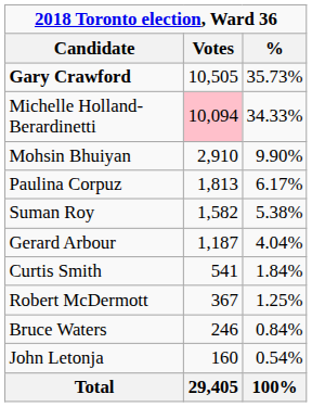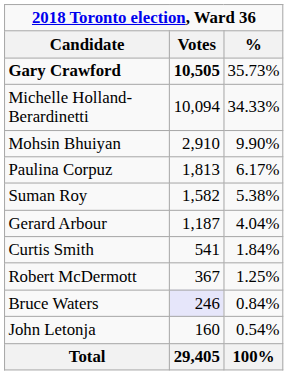 <table class="wikitable" style="margin-bottom:0;">
 <tr>
 <td Colspan="3" align="center"><strong><a href='#'>2018 Toronto election</a>, Ward 36</strong></td>
 </tr>
 <tr>
 <th bgcolor="#DDDDFF" width="150px">Candidate</th>
 <th bgcolor="#DDDDFF">Votes</th>
 <th bgcolor="#DDDDFF">%</th>
 </tr>
 <tr>
 <td><strong>Gary Crawford </strong></td>
-<td align=right>10,505</td>
+<td align=right><strong>10,505</strong></td>
 <td align=right>35.73%</td>
 </tr>
 <tr>
 <td>Michelle Holland-Berardinetti</td>
-<td align=right style="background: pink;">10,094</td>
+<td align=right>10,094</td>
 <td align=right>34.33%</td>
 </tr>
 <tr>
 <td>Mohsin Bhuiyan</td>
 <td align=right>2,910</td>
 <td align=right>9.90%</td>
 </tr>
 <tr>
 <td>Paulina Corpuz</td>
 <td align=right>1,813</td>
 <td align=right>6.17%</td>
 </tr>
 <tr>
 <td>Suman Roy</td>
 <td align=right>1,582</td>
 <td align=right>5.38%</td>
 </tr>
 <tr>
 <td>Gerard Arbour</td>
 <td align=right>1,187</td>
 <td align=right>4.04%</td>
 </tr>
 <tr>
 <td>Curtis Smith</td>
 <td align=right>541</td>
 <td align=right>1.84%</td>
 </tr>
 <tr>
 <td>Robert McDermott</td>
 <td align=right>367</td>
 <td align=right>1.25%</td>
 </tr>
 <tr>
 <td>Bruce Waters</td>
-<td align=right>246</td>
+<td align=right style="background: lavender;">246</td>
 <td align=right>0.84%</td>
 </tr>
 <tr>
 <td>John Letonja</td>
 <td align=right>160</td>
 <td align=right>0.54%</td>
 </tr>
 <tr>
 <th>Total</th>
 <th align=right>29,405</th>
 <th align=right>100%</th>
 </tr>
 </table>
